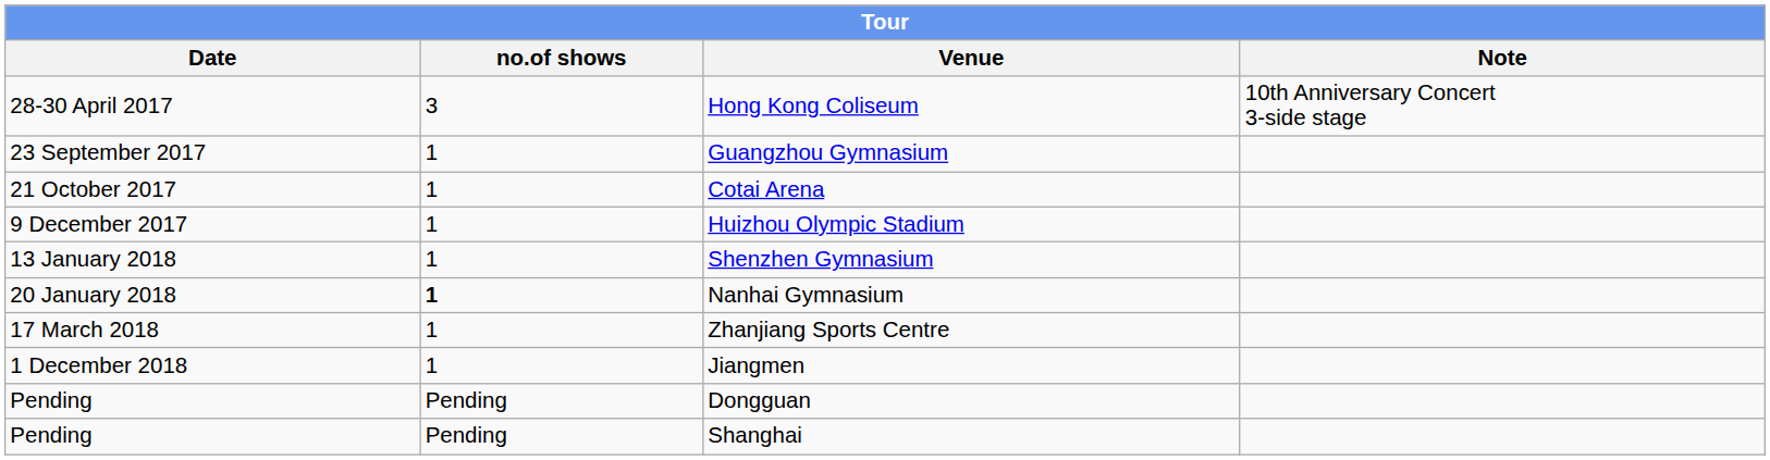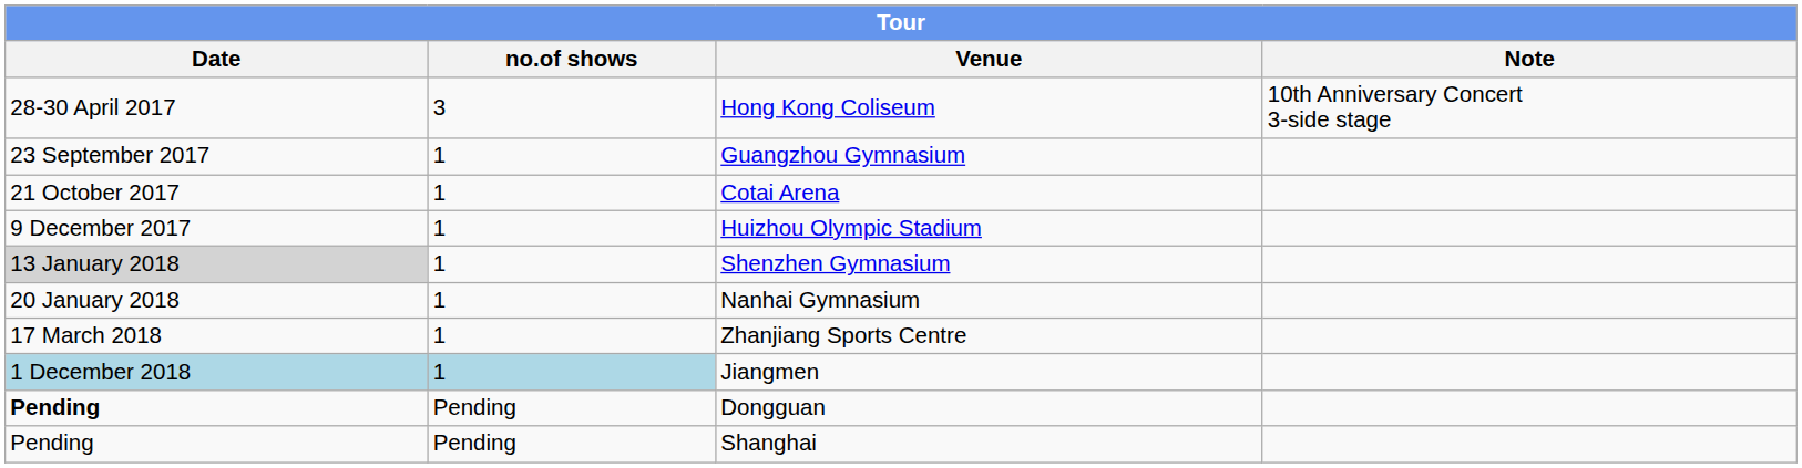 <table class="wikitable" width="100%">
 <tr>
 <th style="background:cornflowerblue; color:white" colspan="6"><strong>Tour</strong></th>
 </tr>
 <tr>
 <th>Date</th>
 <th>no.of shows</th>
 <th>Venue</th>
 <th>Note</th>
 </tr>
 <tr>
 <td>28-30 April 2017</td>
 <td>3</td>
 <td><a href='#'>Hong Kong Coliseum</a></td>
 <td>10th Anniversary Concert<br>3-side stage</td>
 </tr>
 <tr>
 <td>23 September 2017</td>
 <td>1</td>
 <td><a href='#'>Guangzhou Gymnasium</a></td>
 <td></td>
 </tr>
 <tr>
 <td>21 October 2017</td>
 <td>1</td>
 <td><a href='#'>Cotai Arena</a></td>
 <td></td>
 </tr>
 <tr>
 <td>9 December 2017</td>
 <td>1</td>
 <td><a href='#'>Huizhou Olympic Stadium</a></td>
 <td></td>
 </tr>
 <tr>
-<td>13 January 2018</td>
+<td style="background: lightgrey;">13 January 2018</td>
 <td>1</td>
 <td><a href='#'>Shenzhen Gymnasium</a></td>
 <td></td>
 </tr>
 <tr>
 <td>20 January 2018</td>
-<td><strong>1</strong></td>
+<td>1</td>
 <td>Nanhai Gymnasium</td>
 <td></td>
 </tr>
 <tr>
 <td>17 March 2018</td>
 <td>1</td>
 <td>Zhanjiang Sports Centre</td>
 <td></td>
 </tr>
 <tr>
-<td>1 December 2018</td>
-<td>1</td>
+<td style="background: lightblue;">1 December 2018</td>
+<td style="background: lightblue;">1</td>
 <td>Jiangmen</td>
 <td></td>
 </tr>
 <tr>
-<td>Pending</td>
+<td><strong>Pending</strong></td>
 <td>Pending</td>
 <td>Dongguan</td>
 <td></td>
 </tr>
 <tr>
 <td>Pending</td>
 <td>Pending</td>
 <td>Shanghai</td>
 <td></td>
 </tr>
 </table>
